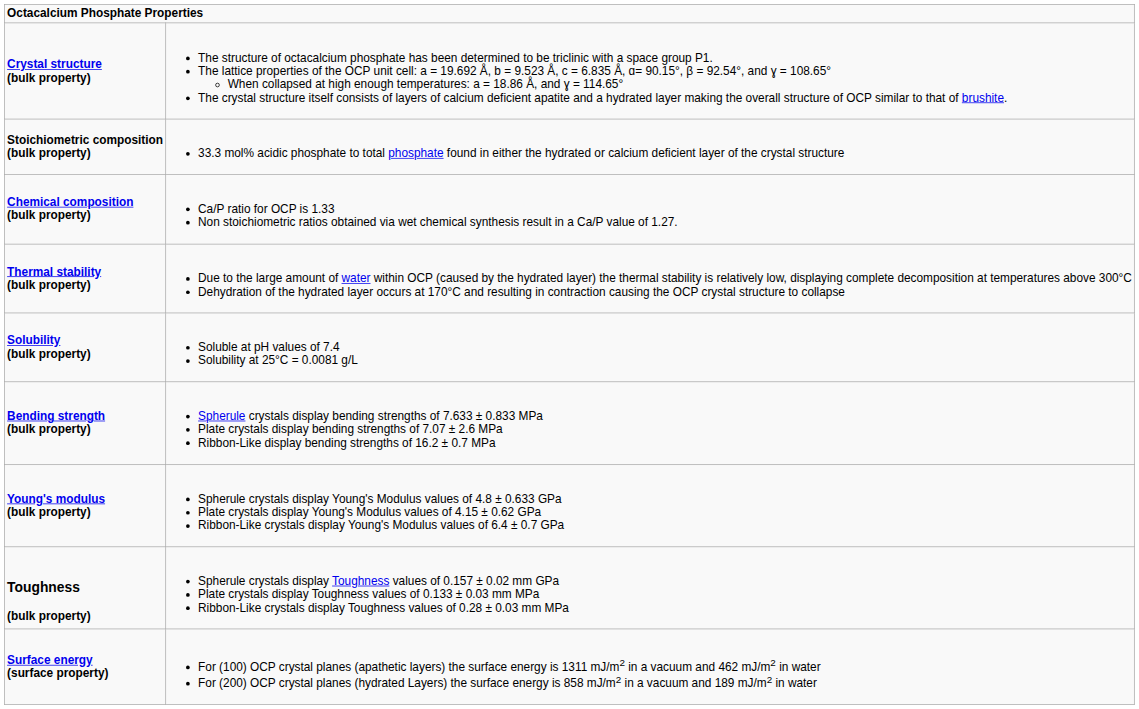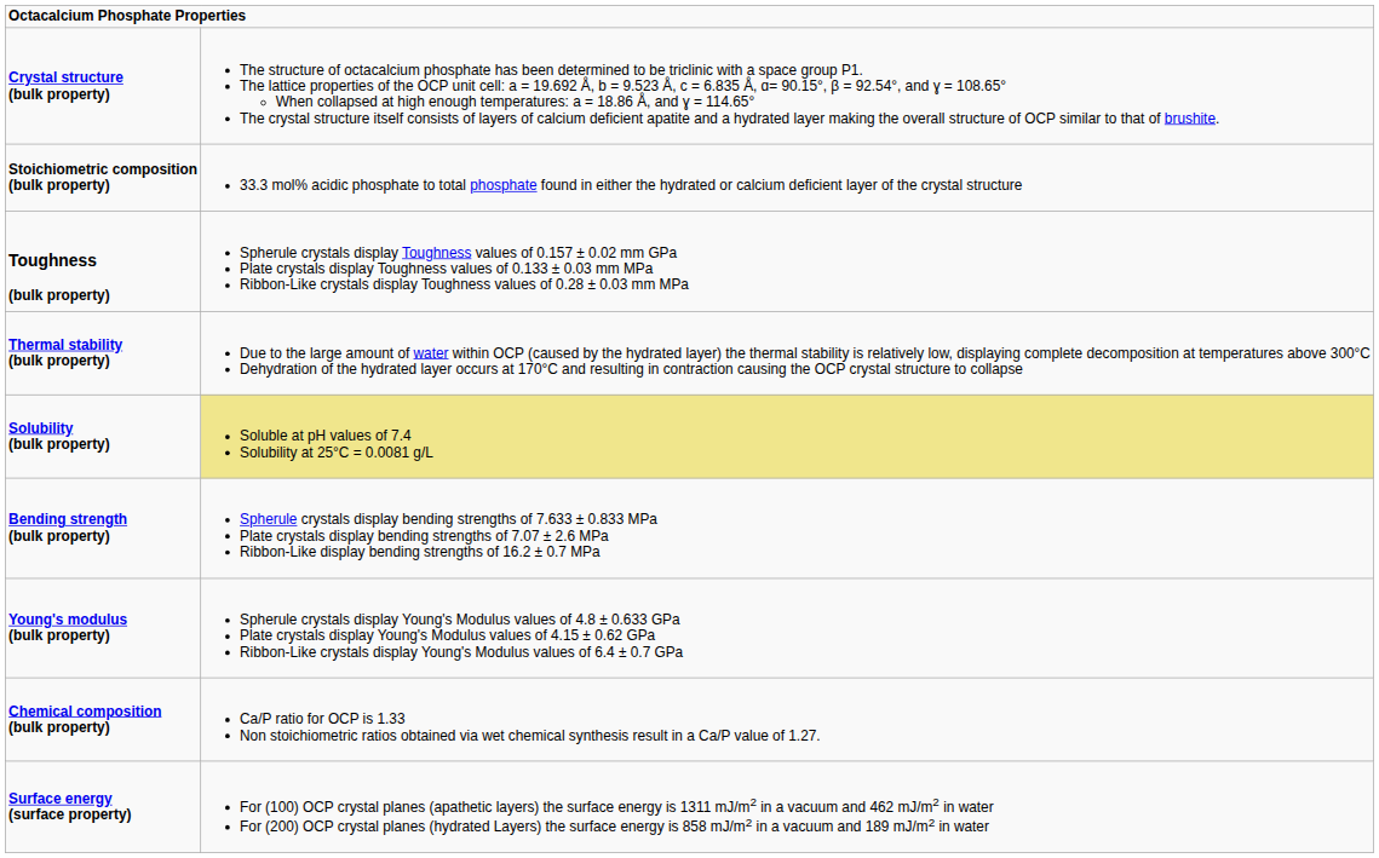 <table class="wikitable">
 <tr>
 <td colspan="2"><strong>Octacalcium Phosphate Properties</strong></td>
 </tr>
 <tr>
 <td><strong><a href='#'>Crystal structure</a></strong><br><strong>(bulk property)</strong></td>
 <td><br><ul><li>The structure of octacalcium phosphate has been determined to be triclinic with a space group P1.</li><li>The lattice properties of the OCP unit cell: a = 19.692 Å, b = 9.523 Å, c = 6.835 Å, ɑ= 90.15°, β = 92.54°, and ɣ = 108.65°<ul><li>When collapsed at high enough temperatures: a = 18.86 Å, and ɣ = 114.65°</li></ul></li><li>The crystal structure itself consists of layers of calcium deficient apatite and a hydrated layer making the overall structure of OCP similar to that of <a href='#'>brushite</a>.</li></ul></td>
 </tr>
 <tr>
 <td><strong>Stoichiometric composition</strong><br><strong>(bulk property)</strong></td>
 <td><br><ul><li>33.3 mol% acidic phosphate to total <a href='#'>phosphate</a> found in either the hydrated or calcium deficient layer of the crystal structure</li></ul></td>
 </tr>
 <tr>
-<td><strong><a href='#'>Chemical composition</a></strong><br><strong>(bulk property)</strong></td>
-<td><br><ul><li>Ca/P ratio for OCP is 1.33</li><li>Non stoichiometric ratios obtained via wet chemical synthesis result in a Ca/P value of 1.27.</li></ul></td>
+<td><br><h3>Toughness</h3><strong>(bulk property)</strong></td>
+<td><br><ul><li>Spherule crystals display <a href='#'>Toughness</a> values of 0.157 ± 0.02 mm GPa</li><li>Plate crystals display Toughness values of 0.133 ± 0.03 mm MPa</li><li>Ribbon-Like crystals display Toughness values of 0.28 ± 0.03 mm MPa</li></ul></td>
 </tr>
 <tr>
 <td><strong><a href='#'>Thermal stability</a></strong><br><strong>(bulk property)</strong></td>
 <td><br><ul><li>Due to the large amount of <a href='#'>water</a> within OCP (caused by the hydrated layer) the thermal stability is relatively low, displaying complete decomposition at temperatures above 300°C</li><li>Dehydration of the hydrated layer occurs at 170°C and resulting in contraction causing the OCP crystal structure to collapse</li></ul></td>
 </tr>
 <tr>
 <td><strong><a href='#'>Solubility</a></strong><br><strong>(bulk property)</strong></td>
-<td><br><ul><li>Soluble at pH values of 7.4</li><li>Solubility at 25°C = 0.0081 g/L</li></ul></td>
+<td style="background: khaki;"><br><ul><li>Soluble at pH values of 7.4</li><li>Solubility at 25°C = 0.0081 g/L</li></ul></td>
 </tr>
 <tr>
 <td><strong><a href='#'>Bending strength</a></strong><br><strong>(bulk property)</strong></td>
 <td><br><ul><li><a href='#'>Spherule</a> crystals display bending strengths of 7.633 ± 0.833 MPa</li><li>Plate crystals display bending strengths of 7.07 ± 2.6 MPa</li><li>Ribbon-Like display bending strengths of 16.2 ± 0.7 MPa</li></ul></td>
 </tr>
 <tr>
 <td><strong><a href='#'>Young's modulus</a></strong><br><strong>(bulk property)</strong></td>
 <td><br><ul><li>Spherule crystals display Young's Modulus values of 4.8 ± 0.633 GPa</li><li>Plate crystals display Young's Modulus values of 4.15 ± 0.62 GPa</li><li>Ribbon-Like crystals display Young's Modulus values of 6.4 ± 0.7 GPa</li></ul></td>
 </tr>
 <tr>
-<td><br><h3>Toughness</h3><strong>(bulk property)</strong></td>
-<td><br><ul><li>Spherule crystals display <a href='#'>Toughness</a> values of 0.157 ± 0.02 mm GPa</li><li>Plate crystals display Toughness values of 0.133 ± 0.03 mm MPa</li><li>Ribbon-Like crystals display Toughness values of 0.28 ± 0.03 mm MPa</li></ul></td>
+<td><strong><a href='#'>Chemical composition</a></strong><br><strong>(bulk property)</strong></td>
+<td><br><ul><li>Ca/P ratio for OCP is 1.33</li><li>Non stoichiometric ratios obtained via wet chemical synthesis result in a Ca/P value of 1.27.</li></ul></td>
 </tr>
 <tr>
 <td><strong><a href='#'>Surface energy</a></strong><br><strong>(surface property)</strong></td>
 <td><br><ul><li>For (100) OCP crystal planes (apathetic layers) the surface energy is 1311 mJ/m<sup>2</sup> in a vacuum and 462 mJ/m<sup>2</sup> in water</li><li>For (200) OCP crystal planes (hydrated Layers) the surface energy is 858 mJ/m<sup>2</sup> in a vacuum and 189 mJ/m<sup>2</sup> in water</li></ul></td>
 </tr>
 </table>
